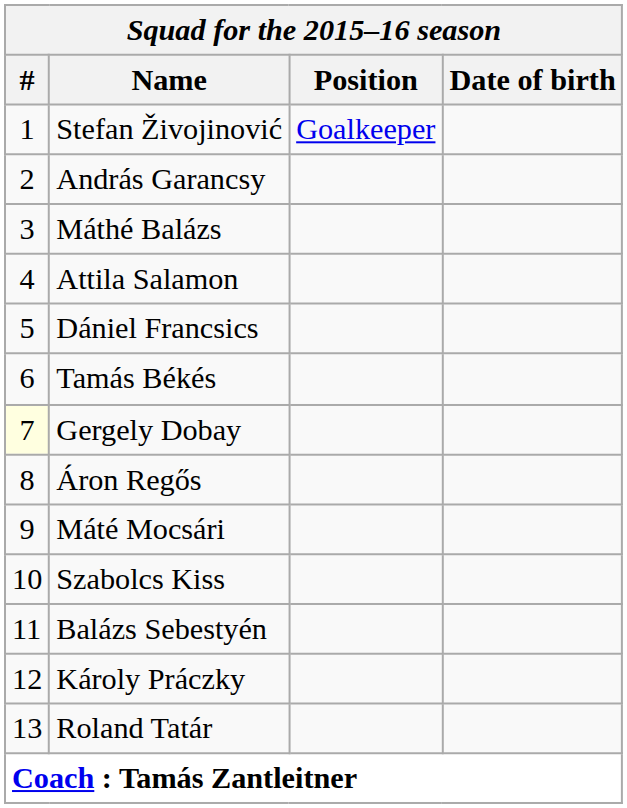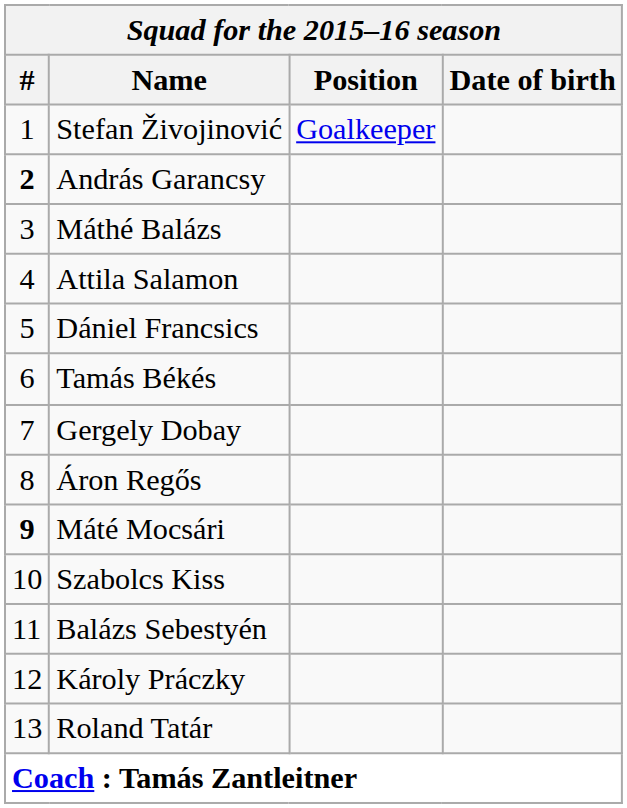 <table class="wikitable" style="font-size:95%; text-align:left;">
 <tr>
 <th colspan=6><em>Squad for the 2015–16 season</em></th>
 </tr>
 <tr>
 <th>#</th>
 <th>Name</th>
 <th>Position</th>
 <th>Date of birth</th>
 </tr>
 <tr>
 <td align=center>1</td>
 <td> Stefan Živojinović</td>
 <td><a href='#'>Goalkeeper</a></td>
 <td></td>
 </tr>
 <tr>
-<td align=center>2</td>
+<td align=center><strong>2</strong></td>
 <td> András Garancsy</td>
 <td></td>
 <td></td>
 </tr>
 <tr>
 <td align=center>3</td>
 <td> Máthé Balázs</td>
 <td></td>
 <td></td>
 </tr>
 <tr>
 <td align=center>4</td>
 <td> Attila Salamon</td>
 <td></td>
 <td></td>
 </tr>
 <tr>
 <td align=center>5</td>
 <td> Dániel Francsics</td>
 <td></td>
 <td></td>
 </tr>
 <tr>
 <td align=center>6</td>
 <td> Tamás Békés</td>
 <td></td>
 <td></td>
 </tr>
 <tr>
-<td align=center style="background: lightyellow;">7</td>
+<td align=center>7</td>
 <td> Gergely Dobay</td>
 <td></td>
 <td></td>
 </tr>
 <tr>
 <td align=center>8</td>
 <td> Áron Regős</td>
 <td></td>
 <td></td>
 </tr>
 <tr>
-<td align=center>9</td>
+<td align=center><strong>9</strong></td>
 <td> Máté Mocsári</td>
 <td></td>
 <td></td>
 </tr>
 <tr>
 <td>10</td>
 <td> Szabolcs Kiss</td>
 <td></td>
 <td></td>
 </tr>
 <tr>
 <td>11</td>
 <td> Balázs Sebestyén</td>
 <td></td>
 <td></td>
 </tr>
 <tr>
 <td>12</td>
 <td> Károly Práczky</td>
 <td></td>
 <td></td>
 </tr>
 <tr>
 <td>13</td>
 <td> Roland Tatár</td>
 <td></td>
 <td></td>
 </tr>
 <tr>
 <th colspan="4" style="margin:0.7em;color:black;text-align:left;background:white"><a href='#'>Coach</a> :  Tamás Zantleitner</th>
 </tr>
 </table>
